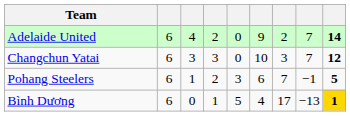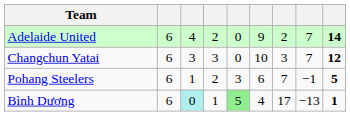 <table class="wikitable" style="text-align:center;">
 <tr>
 <th width=175>Team</th>
 <th width=20></th>
 <th width=20></th>
 <th width=20></th>
 <th width=20></th>
 <th width=20></th>
 <th width=20></th>
 <th width=20></th>
 <th width=20></th>
 </tr>
 <tr bgcolor="#ccffcc">
 <td align="left"> <a href='#'>Adelaide United</a></td>
 <td>6</td>
 <td>4</td>
 <td>2</td>
 <td>0</td>
 <td>9</td>
 <td>2</td>
 <td>7</td>
 <td><strong>14</strong></td>
 </tr>
 <tr bgcolor=>
 <td align="left"> <a href='#'>Changchun Yatai</a></td>
 <td>6</td>
 <td>3</td>
 <td>3</td>
 <td>0</td>
 <td>10</td>
 <td>3</td>
 <td>7</td>
 <td><strong>12</strong></td>
 </tr>
 <tr>
 <td align="left"> <a href='#'>Pohang Steelers</a></td>
 <td>6</td>
 <td>1</td>
 <td>2</td>
 <td>3</td>
 <td>6</td>
 <td>7</td>
 <td>−1</td>
 <td><strong>5</strong></td>
 </tr>
 <tr>
 <td align="left"> <a href='#'>Bình Dương</a></td>
 <td>6</td>
-<td>0</td>
+<td style="background: paleturquoise;">0</td>
 <td>1</td>
-<td>5</td>
+<td style="background: lightgreen;">5</td>
 <td>4</td>
 <td>17</td>
 <td>−13</td>
-<td style="background: gold;"><strong>1</strong></td>
+<td><strong>1</strong></td>
 </tr>
 </table>
